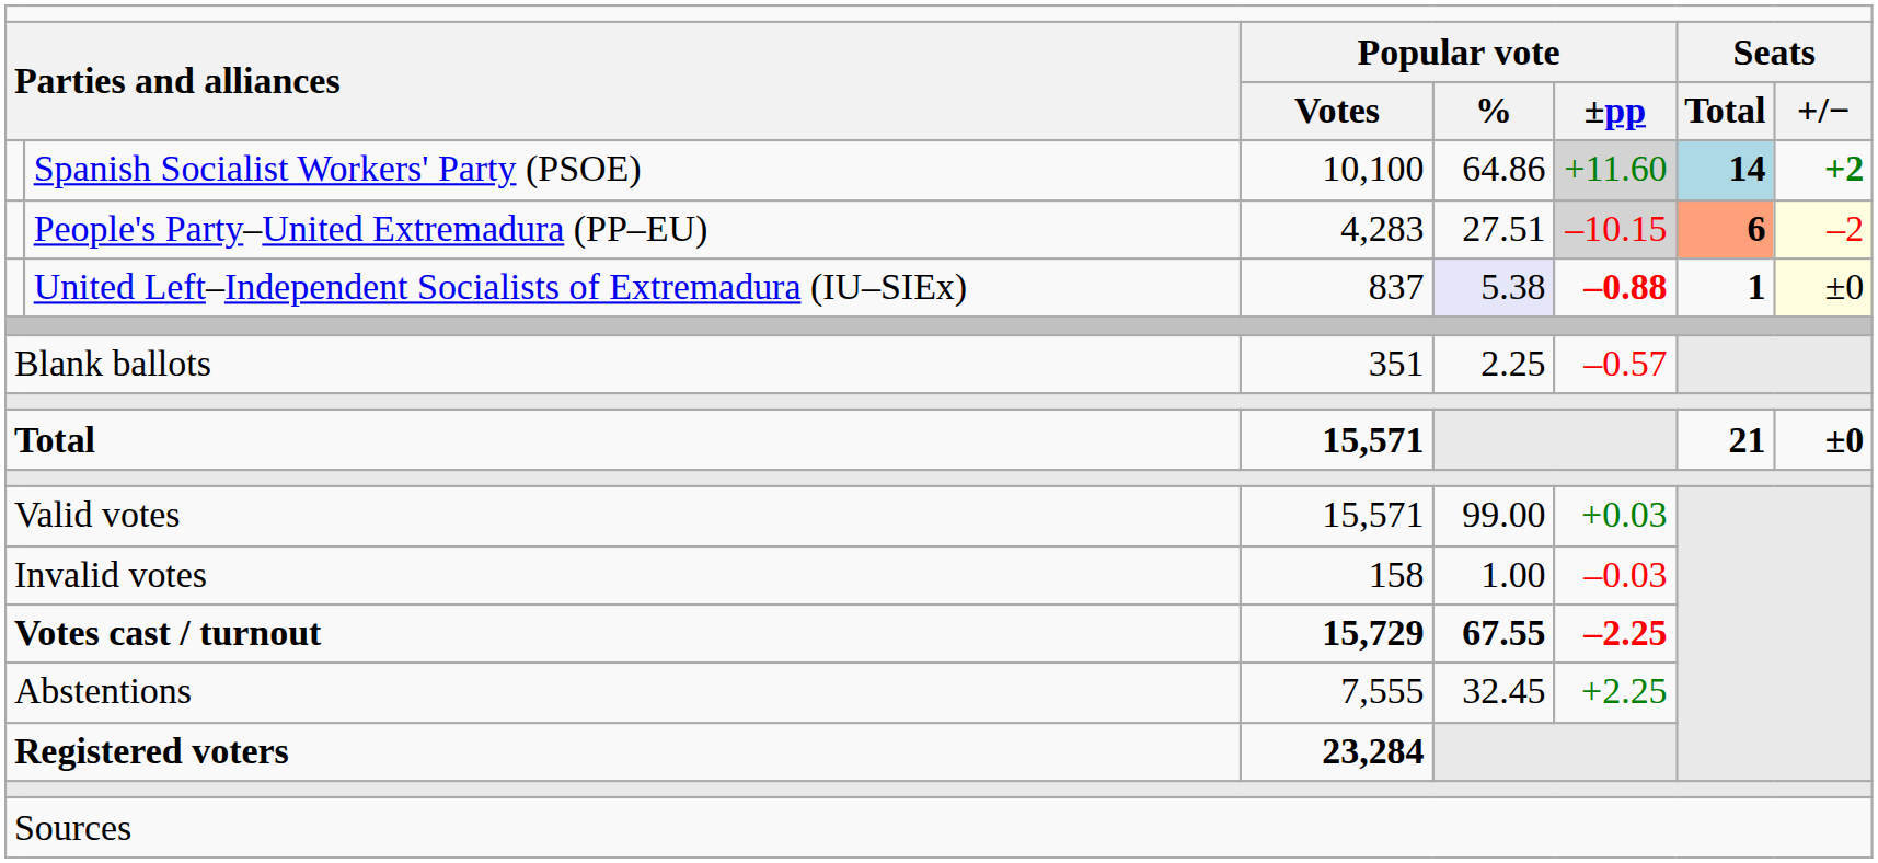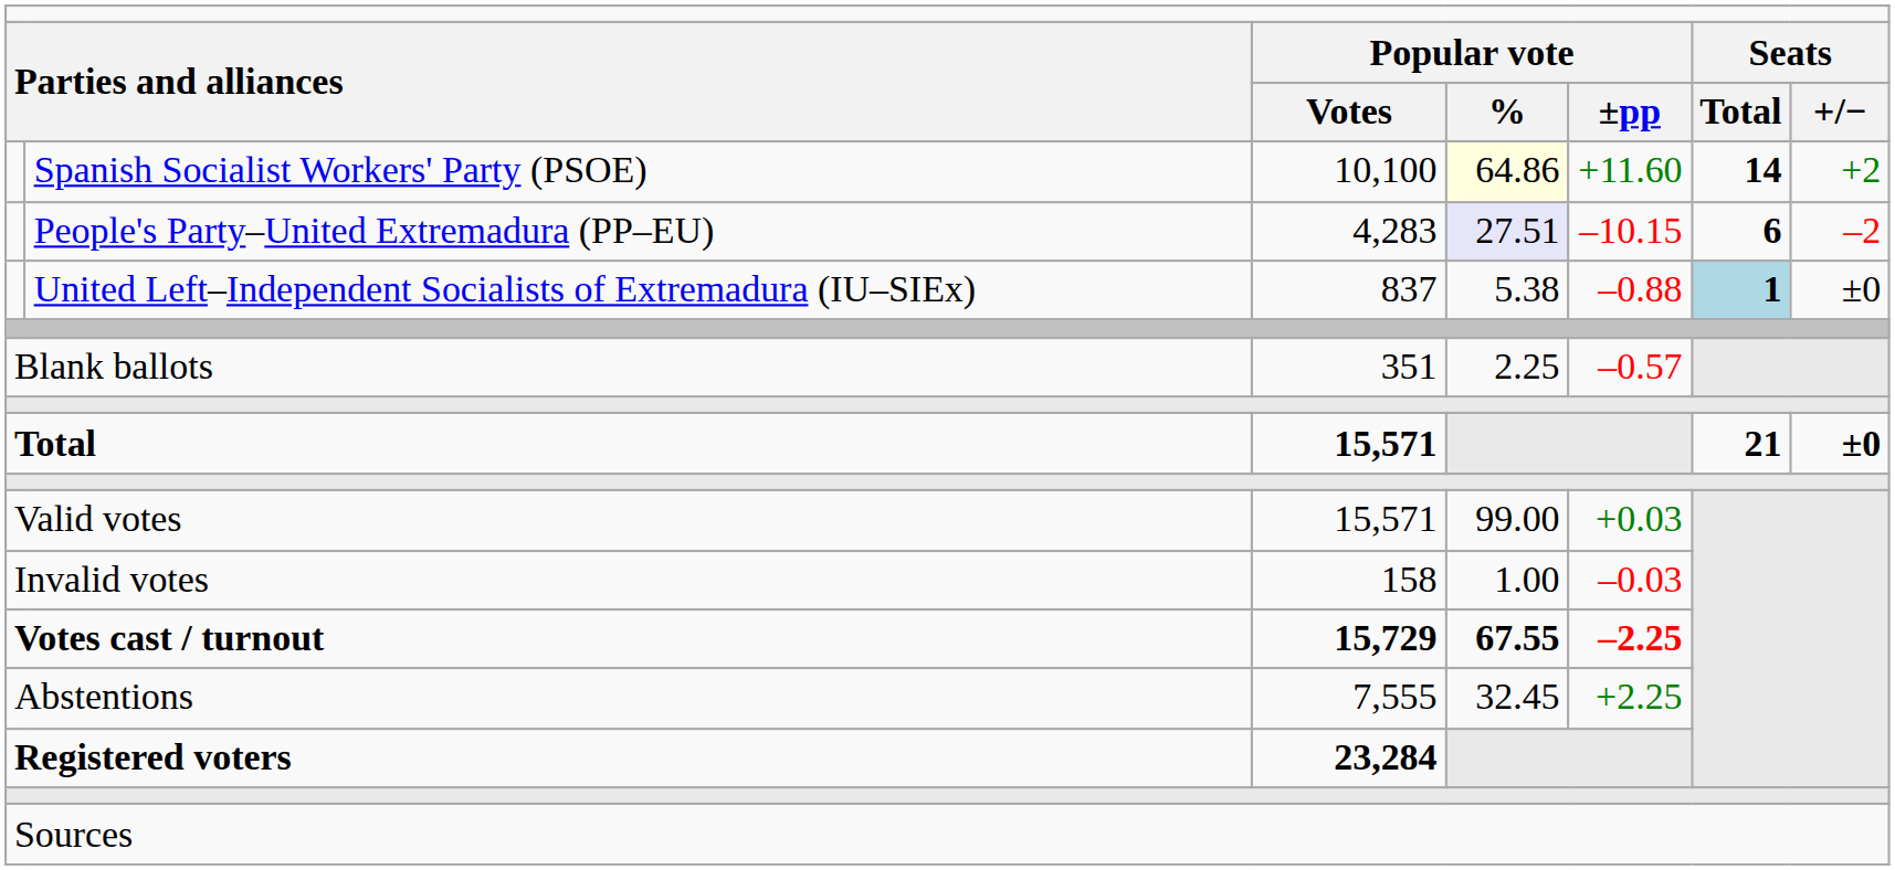 <table class="wikitable" style="text-align:right;">
 <tr>
 <td colspan="7"></td>
 </tr>
 <tr>
 <th style="text-align:left;" rowspan="2" colspan="2" width="525">Parties and alliances</th>
 <th colspan="3">Popular vote</th>
 <th colspan="2">Seats</th>
 </tr>
 <tr>
 <th width="75">Votes</th>
 <th width="45">%</th>
 <th width="45">±<a href='#'>pp</a></th>
 <th width="35">Total</th>
 <th width="35">+/−</th>
 </tr>
 <tr>
 <td width="1" style="color:inherit;background:"></td>
 <td align="left"><a href='#'>Spanish Socialist Workers' Party</a> (PSOE)</td>
 <td>10,100</td>
-<td>64.86</td>
-<td style="background: lightgrey; color:green;">+11.60</td>
-<td style="background: lightblue;"><strong>14</strong></td>
-<td style="color:green;"><strong>+2</strong></td>
+<td style="background: lightyellow;">64.86</td>
+<td style="color:green;">+11.60</td>
+<td><strong>14</strong></td>
+<td style="color:green;">+2</td>
 </tr>
 <tr>
 <td style="color:inherit;background:"></td>
 <td align="left"><a href='#'>People's Party</a>–<a href='#'>United Extremadura</a> (PP–EU)</td>
 <td>4,283</td>
-<td>27.51</td>
-<td style="background: lightgrey; color:red;">–10.15</td>
-<td style="background: lightsalmon;"><strong>6</strong></td>
-<td style="background: lightyellow; color:red;">–2</td>
+<td style="background: lavender;">27.51</td>
+<td style="color:red;">–10.15</td>
+<td><strong>6</strong></td>
+<td style="color:red;">–2</td>
 </tr>
 <tr>
 <td style="color:inherit;background:"></td>
 <td align="left"><a href='#'>United Left</a>–<a href='#'>Independent Socialists of Extremadura</a> (IU–SIEx)</td>
 <td>837</td>
-<td style="background: lavender;">5.38</td>
-<td style="color:red;"><strong>–0.88</strong></td>
-<td><strong>1</strong></td>
-<td style="background: lightyellow;">±0</td>
+<td>5.38</td>
+<td style="color:red;">–0.88</td>
+<td style="background: lightblue;"><strong>1</strong></td>
+<td>±0</td>
 </tr>
 <tr>
 <td colspan="7" bgcolor="#C0C0C0"></td>
 </tr>
 <tr>
 <td align="left" colspan="2">Blank ballots</td>
 <td>351</td>
 <td>2.25</td>
 <td style="color:red;">–0.57</td>
 <td bgcolor="#E9E9E9" colspan="2"></td>
 </tr>
 <tr>
 <td colspan="7" bgcolor="#E9E9E9"></td>
 </tr>
 <tr style="font-weight:bold;">
 <td align="left" colspan="2">Total</td>
 <td>15,571</td>
 <td bgcolor="#E9E9E9" colspan="2"></td>
 <td>21</td>
 <td>±0</td>
 </tr>
 <tr>
 <td colspan="7" bgcolor="#E9E9E9"></td>
 </tr>
 <tr>
 <td align="left" colspan="2">Valid votes</td>
 <td>15,571</td>
 <td>99.00</td>
 <td style="color:green;">+0.03</td>
 <td bgcolor="#E9E9E9" colspan="2" rowspan="5"></td>
 </tr>
 <tr>
 <td align="left" colspan="2">Invalid votes</td>
 <td>158</td>
 <td>1.00</td>
 <td style="color:red;">–0.03</td>
 </tr>
 <tr style="font-weight:bold;">
 <td align="left" colspan="2">Votes cast / turnout</td>
 <td>15,729</td>
 <td>67.55</td>
 <td style="color:red;">–2.25</td>
 </tr>
 <tr>
 <td align="left" colspan="2">Abstentions</td>
 <td>7,555</td>
 <td>32.45</td>
 <td style="color:green;">+2.25</td>
 </tr>
 <tr style="font-weight:bold;">
 <td align="left" colspan="2">Registered voters</td>
 <td>23,284</td>
 <td bgcolor="#E9E9E9" colspan="2"></td>
 </tr>
 <tr>
 <td colspan="7" bgcolor="#E9E9E9"></td>
 </tr>
 <tr>
 <td align="left" colspan="7">Sources</td>
 </tr>
 </table>
